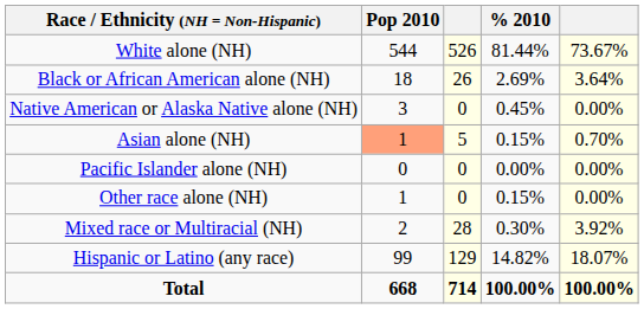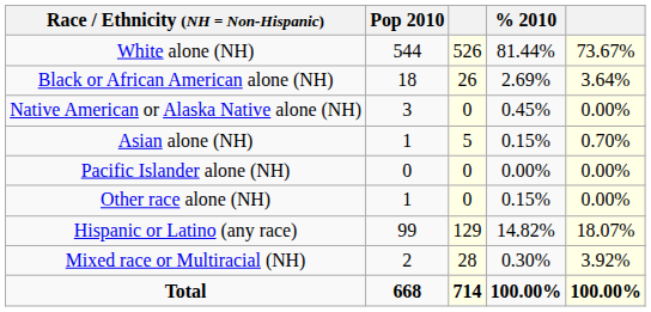 <table class="wikitable" style="text-align:center;">
 <tr>
 <th>Race / Ethnicity <small>(<em>NH = Non-Hispanic</em>)</small></th>
 <th>Pop 2010</th>
 <th></th>
 <th>% 2010</th>
 <th></th>
 </tr>
 <tr>
 <td><a href='#'>White</a> alone (NH)</td>
 <td>544</td>
 <td style='background: #ffffe6;'>526</td>
 <td>81.44%</td>
 <td style='background: #ffffe6;'>73.67%</td>
 </tr>
 <tr>
 <td><a href='#'>Black or African American</a> alone (NH)</td>
 <td>18</td>
 <td style='background: #ffffe6;'>26</td>
 <td>2.69%</td>
 <td style='background: #ffffe6;'>3.64%</td>
 </tr>
 <tr>
 <td><a href='#'>Native American</a> or <a href='#'>Alaska Native</a> alone (NH)</td>
 <td>3</td>
 <td style='background: #ffffe6;'>0</td>
 <td>0.45%</td>
 <td style='background: #ffffe6;'>0.00%</td>
 </tr>
 <tr>
 <td><a href='#'>Asian</a> alone (NH)</td>
-<td style="background: lightsalmon;">1</td>
+<td>1</td>
 <td style='background: #ffffe6;'>5</td>
 <td>0.15%</td>
 <td style='background: #ffffe6;'>0.70%</td>
 </tr>
 <tr>
 <td><a href='#'>Pacific Islander</a> alone (NH)</td>
 <td>0</td>
 <td style='background: #ffffe6;'>0</td>
 <td>0.00%</td>
 <td style='background: #ffffe6;'>0.00%</td>
 </tr>
 <tr>
 <td><a href='#'>Other race</a> alone (NH)</td>
 <td>1</td>
 <td style='background: #ffffe6;'>0</td>
 <td>0.15%</td>
 <td style='background: #ffffe6;'>0.00%</td>
 </tr>
 <tr>
+<td><a href='#'>Hispanic or Latino</a> (any race)</td>
+<td>99</td>
+<td style='background: #ffffe6;'>129</td>
+<td>14.82%</td>
+<td style='background: #ffffe6;'>18.07%</td>
+</tr>
+<tr>
 <td><a href='#'>Mixed race or Multiracial</a> (NH)</td>
 <td>2</td>
 <td style='background: #ffffe6;'>28</td>
 <td>0.30%</td>
 <td style='background: #ffffe6;'>3.92%</td>
-</tr>
-<tr>
-<td><a href='#'>Hispanic or Latino</a> (any race)</td>
-<td>99</td>
-<td style='background: #ffffe6;'>129</td>
-<td>14.82%</td>
-<td style='background: #ffffe6;'>18.07%</td>
 </tr>
 <tr>
 <td><strong>Total</strong></td>
 <td><strong>668</strong></td>
 <td style='background: #ffffe6;'><strong>714</strong></td>
 <td><strong>100.00%</strong></td>
 <td style='background: #ffffe6;'><strong>100.00%</strong></td>
 </tr>
 </table>
